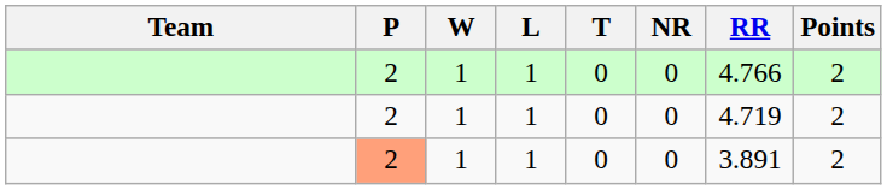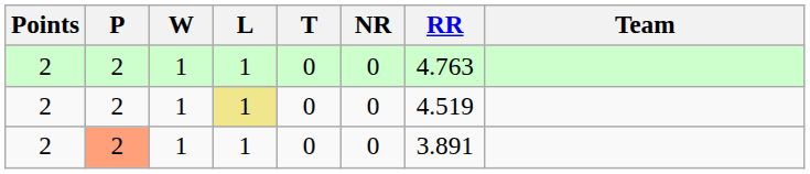 <table class="wikitable" style="text-align: center;">
 <tr>
-<th style="width:40%;">Team</th>
+<th style="width:10%;">Points</th>
 <th style="width:8%;">P</th>
 <th style="width:8%;">W</th>
 <th style="width:8%;">L</th>
 <th style="width:8%;">T</th>
 <th style="width:8%;">NR</th>
 <th style="width:10%;"><a href='#'>RR</a></th>
-<th style="width:10%;">Points</th>
+<th style="width:40%;">Team</th>
 </tr>
 <tr style="background:#cfc;">
-<td align=left></td>
+<td>2</td>
 <td>2</td>
 <td>1</td>
 <td>1</td>
 <td>0</td>
 <td>0</td>
-<td>4.766</td>
-<td>2</td>
+<td>4.763</td>
+<td align=left></td>
 </tr>
 <tr>
-<td align=left></td>
+<td>2</td>
 <td>2</td>
 <td>1</td>
-<td>1</td>
+<td style="background: khaki;">1</td>
 <td>0</td>
 <td>0</td>
-<td>4.719</td>
-<td>2</td>
+<td>4.519</td>
+<td align=left></td>
 </tr>
 <tr>
-<td align=left></td>
+<td>2</td>
 <td style="background: lightsalmon;">2</td>
 <td>1</td>
 <td>1</td>
 <td>0</td>
 <td>0</td>
 <td>3.891</td>
-<td>2</td>
+<td align=left></td>
 </tr>
 </table>
